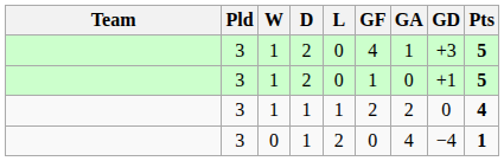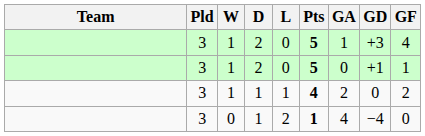 <table class="wikitable" style="text-align: center;">
 <tr>
 <th width="175">Team</th>
 <th width="20">Pld</th>
 <th width="20">W</th>
 <th width="20">D</th>
 <th width="20">L</th>
-<th width="20">GF</th>
+<th width="20">Pts</th>
 <th width="20">GA</th>
 <th width="20">GD</th>
-<th width="20">Pts</th>
+<th width="20">GF</th>
 </tr>
 <tr bgcolor="ccffcc">
 <td align=left></td>
 <td>3</td>
 <td>1</td>
 <td>2</td>
 <td>0</td>
-<td>4</td>
+<td><strong>5</strong></td>
 <td>1</td>
 <td>+3</td>
-<td><strong>5</strong></td>
+<td>4</td>
 </tr>
 <tr bgcolor="ccffcc">
 <td align=left></td>
 <td>3</td>
 <td>1</td>
 <td>2</td>
 <td>0</td>
-<td>1</td>
+<td><strong>5</strong></td>
 <td>0</td>
 <td>+1</td>
-<td><strong>5</strong></td>
+<td>1</td>
 </tr>
 <tr bgcolor=>
 <td align=left></td>
 <td>3</td>
 <td>1</td>
 <td>1</td>
 <td>1</td>
-<td>2</td>
+<td><strong>4</strong></td>
 <td>2</td>
 <td>0</td>
-<td><strong>4</strong></td>
+<td>2</td>
 </tr>
 <tr bgcolor=>
 <td align=left></td>
 <td>3</td>
 <td>0</td>
 <td>1</td>
 <td>2</td>
-<td>0</td>
+<td><strong>1</strong></td>
 <td>4</td>
 <td>−4</td>
-<td><strong>1</strong></td>
+<td>0</td>
 </tr>
 </table>
